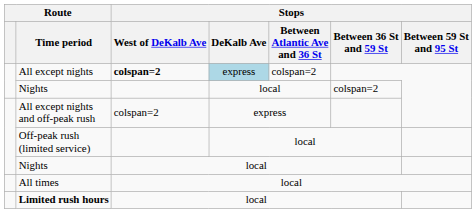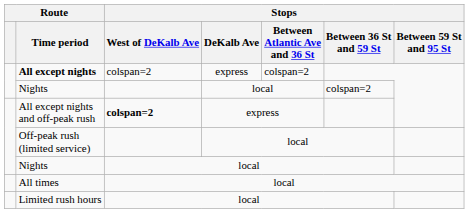 <table class="wikitable">
 <tr>
 <th colspan="2">Route</th>
 <th colspan="5">Stops</th>
 </tr>
 <tr>
 <th> </th>
 <th>Time period</th>
 <th>West of <a href='#'>DeKalb Ave</a></th>
 <th>DeKalb Ave</th>
 <th>Between <br><a href='#'>Atlantic Ave</a><br>and <a href='#'>36 St</a></th>
 <th>Between 36 St<br>and <a href='#'>59 St</a></th>
 <th>Between 59 St<br>and <a href='#'>95 St</a></th>
 </tr>
 <tr>
 <td rowspan="2" width="10"></td>
-<td>All except nights</td>
-<td><strong>colspan=2 </strong></td>
-<td align="center" style="background: lightblue;">express</td>
+<td><strong>All except nights</strong></td>
+<td>colspan=2 </td>
+<td align="center">express</td>
 <td>colspan=2 </td>
 </tr>
 <tr>
 <td>Nights</td>
 <td></td>
 <td colspan="2" align="center">local</td>
 <td>colspan=2 </td>
 </tr>
 <tr>
 <td rowspan="3"></td>
 <td>All except nights<br>and off-peak rush</td>
-<td>colspan=2 </td>
+<td><strong>colspan=2 </strong></td>
 <td colspan="2" align="center">express</td>
 <td></td>
 </tr>
 <tr>
 <td>Off-peak rush<br>(limited service)</td>
 <td></td>
 <td colspan="3" align="center">local</td>
 <td></td>
 </tr>
 <tr>
 <td>Nights</td>
 <td colspan="4" align="center">local</td>
 <td></td>
 </tr>
 <tr>
 <td></td>
 <td>All times</td>
 <td colspan="5" align="center">local</td>
 </tr>
 <tr>
 <td></td>
-<td><strong>Limited rush hours</strong></td>
+<td>Limited rush hours</td>
 <td colspan="4" align="center">local</td>
 <td></td>
 </tr>
 </table>
